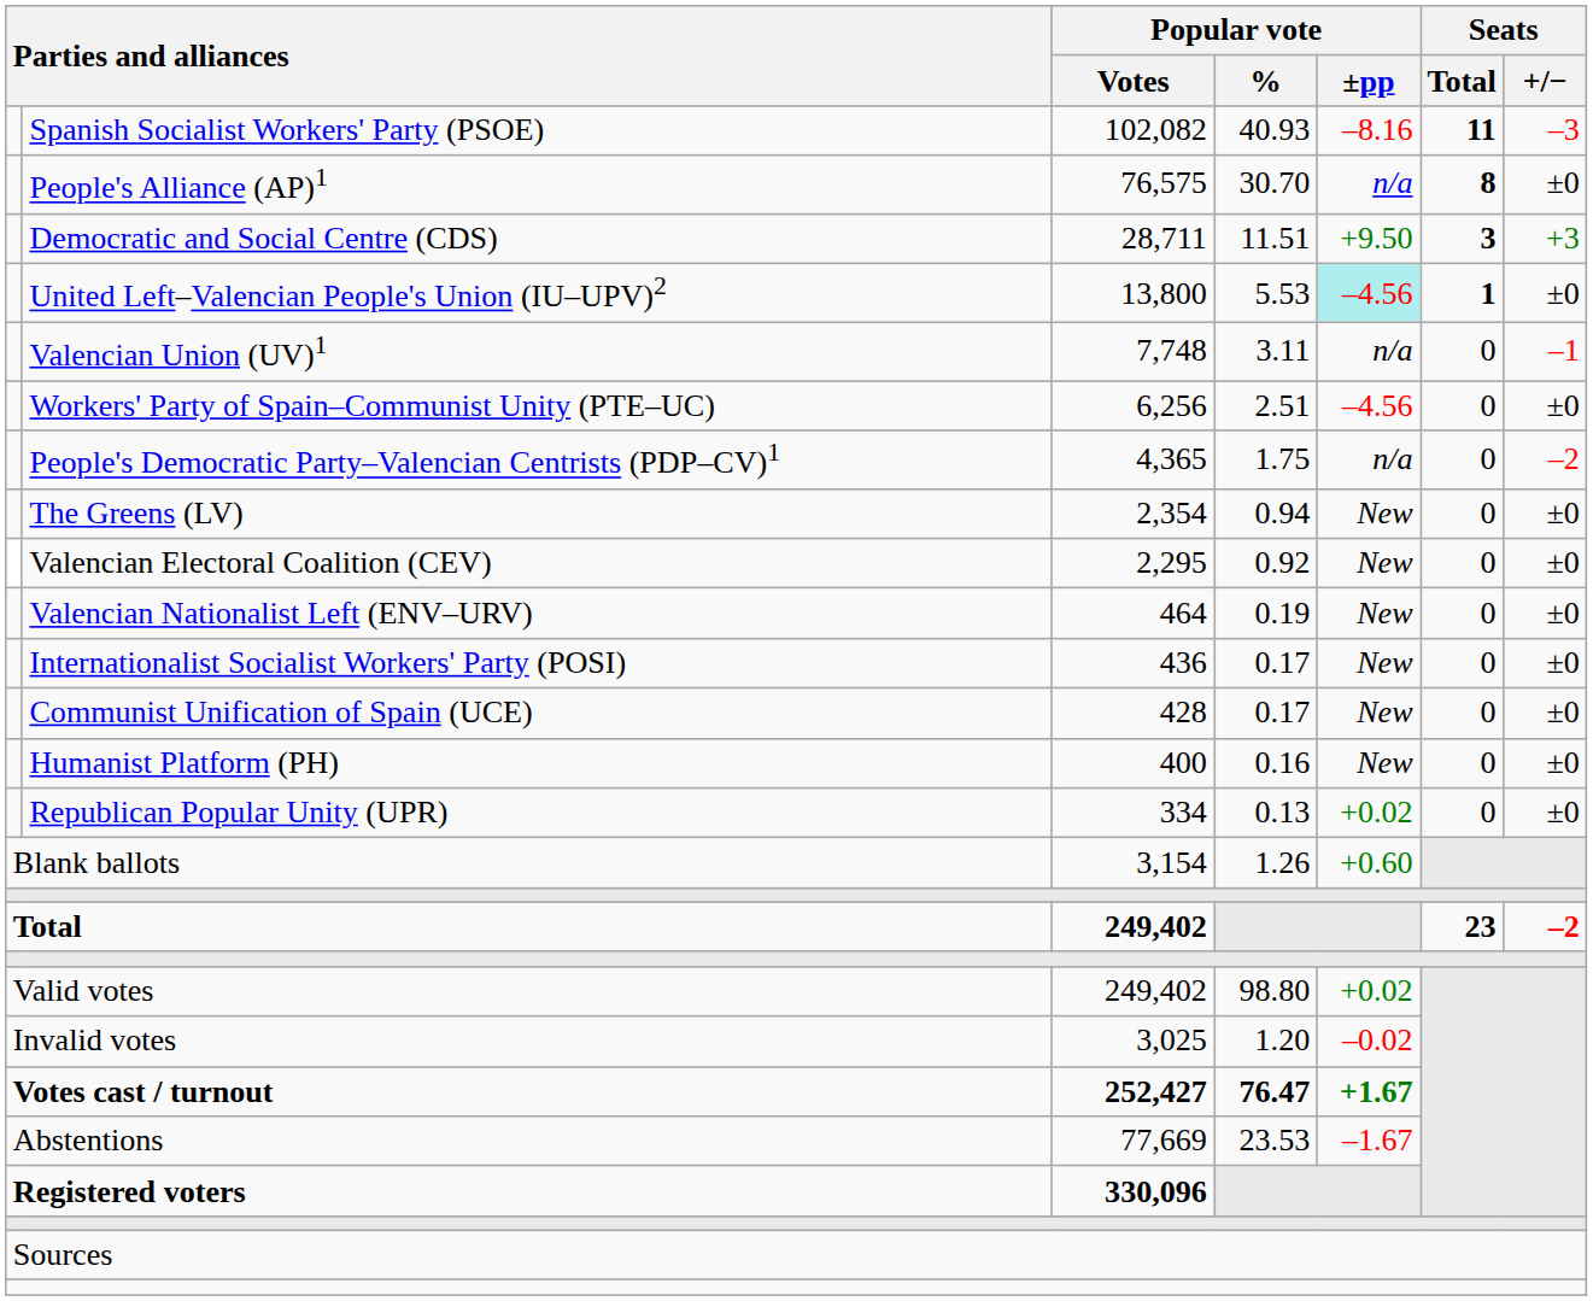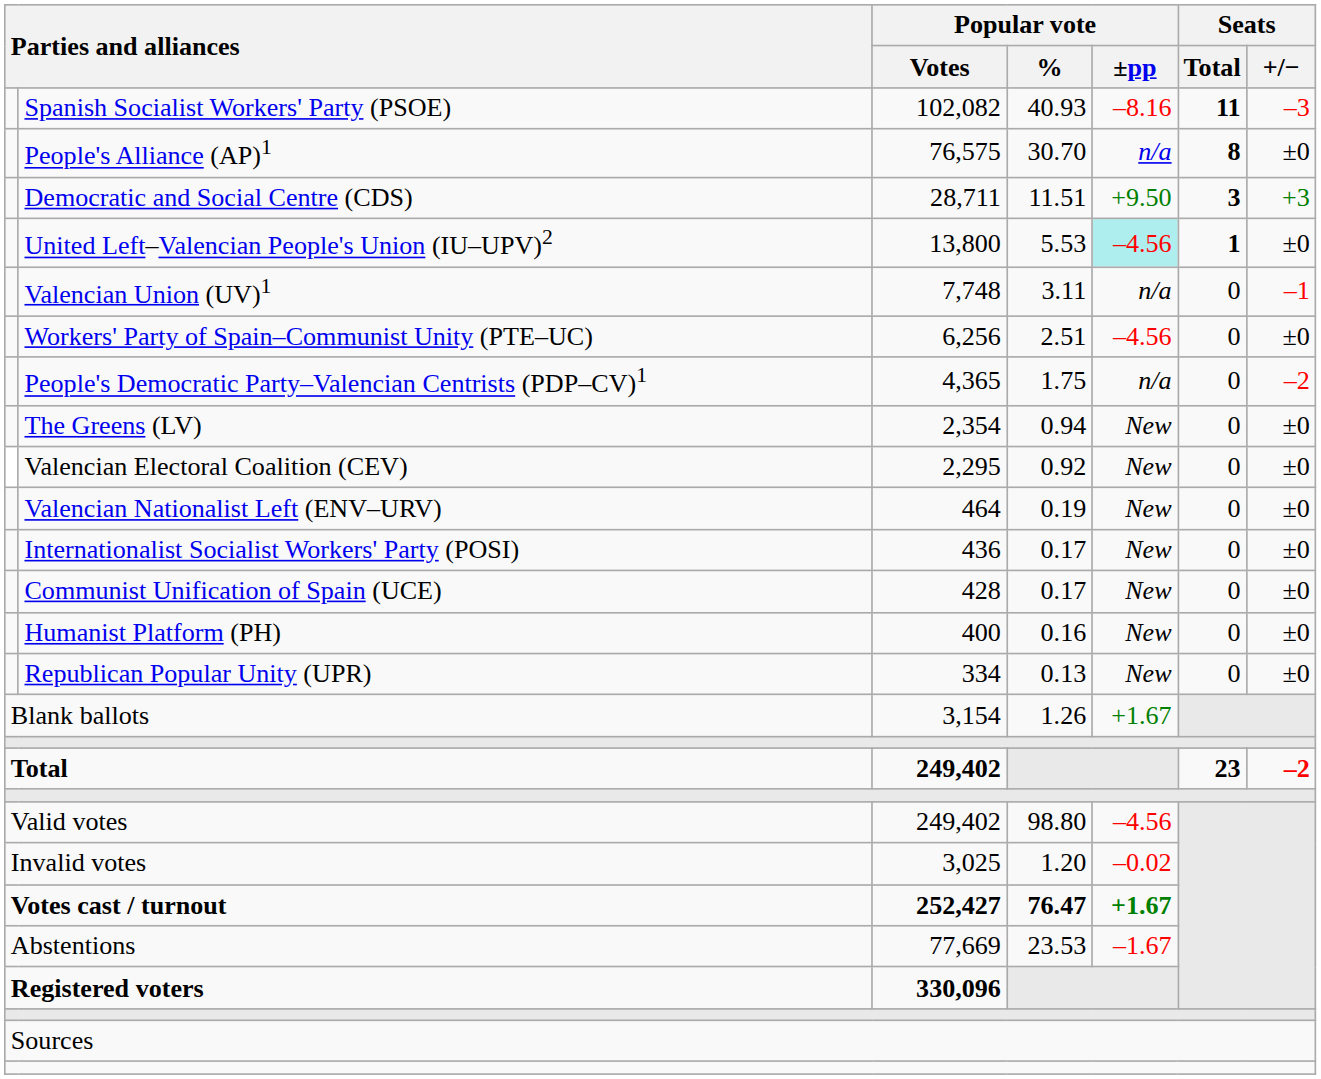 <table class="wikitable" style="text-align:right;">
 <tr>
 <th style="text-align:left;" rowspan="2" colspan="2" width="525">Parties and alliances</th>
 <th colspan="3">Popular vote</th>
 <th colspan="2">Seats</th>
 </tr>
 <tr>
 <th width="75">Votes</th>
 <th width="45">%</th>
 <th width="45">±<a href='#'>pp</a></th>
 <th width="35">Total</th>
 <th width="35">+/−</th>
 </tr>
 <tr>
 <td width="1" style="color:inherit;background:"></td>
 <td align="left"><a href='#'>Spanish Socialist Workers' Party</a> (PSOE)</td>
 <td>102,082</td>
 <td>40.93</td>
 <td style="color:red;">–8.16</td>
 <td><strong>11</strong></td>
 <td style="color:red;">–3</td>
 </tr>
 <tr>
 <td style="color:inherit;background:"></td>
 <td align="left"><a href='#'>People's Alliance</a> (AP)<sup>1</sup></td>
 <td>76,575</td>
 <td>30.70</td>
 <td><em><a href='#'>n/a</a></em></td>
 <td><strong>8</strong></td>
 <td>±0</td>
 </tr>
 <tr>
 <td style="color:inherit;background:"></td>
 <td align="left"><a href='#'>Democratic and Social Centre</a> (CDS)</td>
 <td>28,711</td>
 <td>11.51</td>
 <td style="color:green;">+9.50</td>
 <td><strong>3</strong></td>
 <td style="color:green;">+3</td>
 </tr>
 <tr>
 <td style="color:inherit;background:"></td>
 <td align="left"><a href='#'>United Left</a>–<a href='#'>Valencian People's Union</a> (IU–UPV)<sup>2</sup></td>
 <td>13,800</td>
 <td>5.53</td>
 <td style="background: paleturquoise; color:red;">–4.56</td>
 <td><strong>1</strong></td>
 <td>±0</td>
 </tr>
 <tr>
 <td style="color:inherit;background:"></td>
 <td align="left"><a href='#'>Valencian Union</a> (UV)<sup>1</sup></td>
 <td>7,748</td>
 <td>3.11</td>
 <td><em>n/a</em></td>
 <td>0</td>
 <td style="color:red;">–1</td>
 </tr>
 <tr>
 <td style="color:inherit;background:"></td>
 <td align="left"><a href='#'>Workers' Party of Spain–Communist Unity</a> (PTE–UC)</td>
 <td>6,256</td>
 <td>2.51</td>
 <td style="color:red;">–4.56</td>
 <td>0</td>
 <td>±0</td>
 </tr>
 <tr>
 <td style="color:inherit;background:"></td>
 <td align="left"><a href='#'>People's Democratic Party–Valencian Centrists</a> (PDP–CV)<sup>1</sup></td>
 <td>4,365</td>
 <td>1.75</td>
 <td><em>n/a</em></td>
 <td>0</td>
 <td style="color:red;">–2</td>
 </tr>
 <tr>
 <td style="color:inherit;background:"></td>
 <td align="left"><a href='#'>The Greens</a> (LV)</td>
 <td>2,354</td>
 <td>0.94</td>
 <td><em>New</em></td>
 <td>0</td>
 <td>±0</td>
 </tr>
 <tr>
 <td bgcolor="white"></td>
 <td align="left">Valencian Electoral Coalition (CEV)</td>
 <td>2,295</td>
 <td>0.92</td>
 <td><em>New</em></td>
 <td>0</td>
 <td>±0</td>
 </tr>
 <tr>
 <td style="color:inherit;background:"></td>
 <td align="left"><a href='#'>Valencian Nationalist Left</a> (ENV–URV)</td>
 <td>464</td>
 <td>0.19</td>
 <td><em>New</em></td>
 <td>0</td>
 <td>±0</td>
 </tr>
 <tr>
 <td style="color:inherit;background:"></td>
 <td align="left"><a href='#'>Internationalist Socialist Workers' Party</a> (POSI)</td>
 <td>436</td>
 <td>0.17</td>
 <td><em>New</em></td>
 <td>0</td>
 <td>±0</td>
 </tr>
 <tr>
 <td style="color:inherit;background:"></td>
 <td align="left"><a href='#'>Communist Unification of Spain</a> (UCE)</td>
 <td>428</td>
 <td>0.17</td>
 <td><em>New</em></td>
 <td>0</td>
 <td>±0</td>
 </tr>
 <tr>
 <td style="color:inherit;background:"></td>
 <td align="left"><a href='#'>Humanist Platform</a> (PH)</td>
 <td>400</td>
 <td>0.16</td>
 <td><em>New</em></td>
 <td>0</td>
 <td>±0</td>
 </tr>
 <tr>
 <td style="color:inherit;background:"></td>
 <td align="left"><a href='#'>Republican Popular Unity</a> (UPR)</td>
 <td>334</td>
 <td>0.13</td>
-<td style="color:green;">+0.02</td>
+<td><em>New</em></td>
 <td>0</td>
 <td>±0</td>
 </tr>
 <tr>
 <td align="left" colspan="2">Blank ballots</td>
 <td>3,154</td>
 <td>1.26</td>
-<td style="color:green;">+0.60</td>
+<td style="color:green;">+1.67</td>
 <td bgcolor="#E9E9E9" colspan="2"></td>
 </tr>
 <tr>
 <td colspan="7" bgcolor="#E9E9E9"></td>
 </tr>
 <tr style="font-weight:bold;">
 <td align="left" colspan="2">Total</td>
 <td>249,402</td>
 <td bgcolor="#E9E9E9" colspan="2"></td>
 <td>23</td>
 <td style="color:red;">–2</td>
 </tr>
 <tr>
 <td colspan="7" bgcolor="#E9E9E9"></td>
 </tr>
 <tr>
 <td align="left" colspan="2">Valid votes</td>
 <td>249,402</td>
 <td>98.80</td>
-<td style="color:green;">+0.02</td>
+<td style="color:red;">–4.56</td>
 <td bgcolor="#E9E9E9" colspan="2" rowspan="5"></td>
 </tr>
 <tr>
 <td align="left" colspan="2">Invalid votes</td>
 <td>3,025</td>
 <td>1.20</td>
 <td style="color:red;">–0.02</td>
 </tr>
 <tr style="font-weight:bold;">
 <td align="left" colspan="2">Votes cast / turnout</td>
 <td>252,427</td>
 <td>76.47</td>
 <td style="color:green;">+1.67</td>
 </tr>
 <tr>
 <td align="left" colspan="2">Abstentions</td>
 <td>77,669</td>
 <td>23.53</td>
 <td style="color:red;">–1.67</td>
 </tr>
 <tr style="font-weight:bold;">
 <td align="left" colspan="2">Registered voters</td>
 <td>330,096</td>
 <td bgcolor="#E9E9E9" colspan="2"></td>
 </tr>
 <tr>
 <td colspan="7" bgcolor="#E9E9E9"></td>
 </tr>
 <tr>
 <td align="left" colspan="7">Sources</td>
 </tr>
 <tr>
 <td colspan="7" style="text-align:left; max-width:790px;"></td>
 </tr>
 </table>
